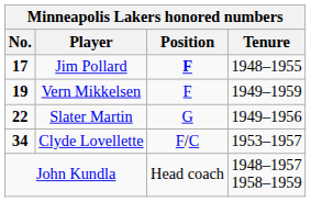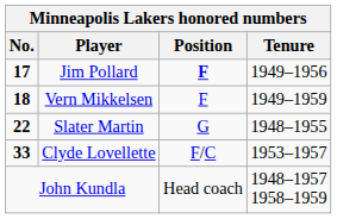 <table class="wikitable sortable" style="text-align:center">
 <tr>
 <th colspan="5">Minneapolis Lakers honored numbers</th>
 </tr>
 <tr>
 <th>No.</th>
 <th>Player</th>
 <th>Position</th>
 <th>Tenure</th>
 </tr>
 <tr>
 <td><strong>17</strong></td>
 <td><a href='#'>Jim Pollard</a></td>
 <td><strong><a href='#'>F</a></strong></td>
-<td>1948–1955</td>
+<td>1949–1956</td>
 </tr>
 <tr>
-<td><strong>19</strong></td>
+<td><strong>18</strong></td>
 <td><a href='#'>Vern Mikkelsen</a></td>
 <td><a href='#'>F</a></td>
 <td>1949–1959</td>
 </tr>
 <tr>
 <td><strong>22</strong></td>
 <td><a href='#'>Slater Martin</a></td>
 <td><a href='#'>G</a></td>
-<td>1949–1956</td>
+<td>1948–1955</td>
 </tr>
 <tr>
-<td><strong>34</strong></td>
+<td><strong>33</strong></td>
 <td><a href='#'>Clyde Lovellette</a></td>
 <td><a href='#'>F</a>/<a href='#'>C</a></td>
 <td>1953–1957</td>
 </tr>
 <tr>
 <td colspan="2"><a href='#'>John Kundla</a></td>
 <td>Head coach</td>
 <td>1948–1957<br>1958–1959</td>
 </tr>
 </table>
